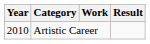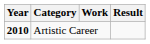 <table class=wikitable>
 <tr>
 <th>Year</th>
 <th>Category</th>
 <th>Work</th>
 <th>Result</th>
 </tr>
 <tr>
-<td>2010</td>
+<td><strong>2010</strong></td>
 <td colspan=2>Artistic Career</td>
 <td></td>
 </tr>
 </table>
